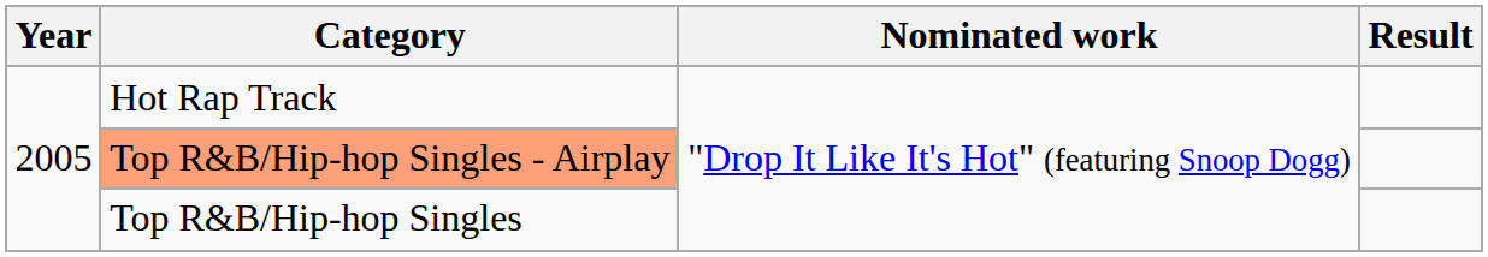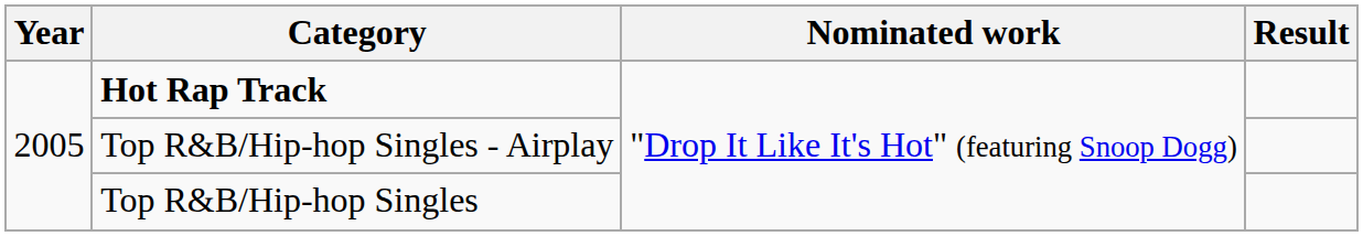 <table class="wikitable">
 <tr>
 <th>Year</th>
 <th>Category</th>
 <th>Nominated work</th>
 <th>Result</th>
 </tr>
 <tr>
 <td rowspan="3">2005</td>
-<td>Hot Rap Track</td>
+<td><strong>Hot Rap Track</strong></td>
 <td rowspan="3">"<a href='#'>Drop It Like It's Hot</a>" <small>(featuring <a href='#'>Snoop Dogg</a>)</small></td>
 <td></td>
 </tr>
 <tr>
-<td style="background: lightsalmon;">Top R&B/Hip-hop Singles - Airplay</td>
+<td>Top R&B/Hip-hop Singles - Airplay</td>
 <td></td>
 </tr>
 <tr>
 <td>Top R&B/Hip-hop Singles</td>
 <td></td>
 </tr>
 </table>
